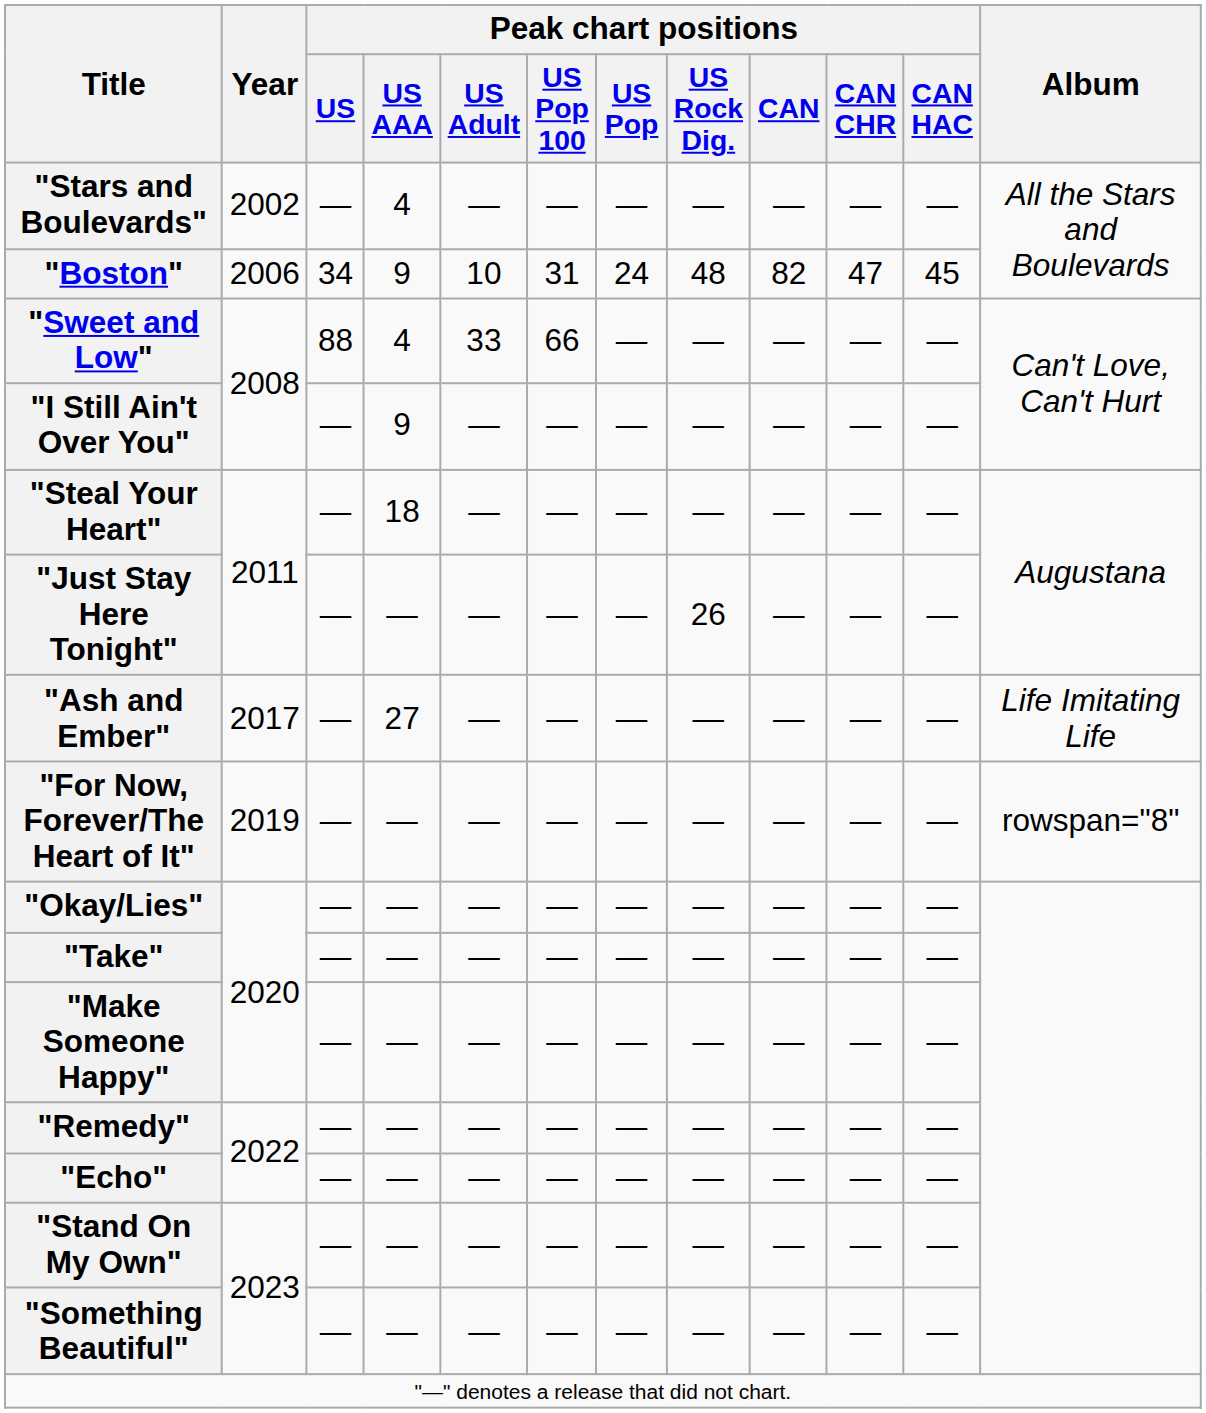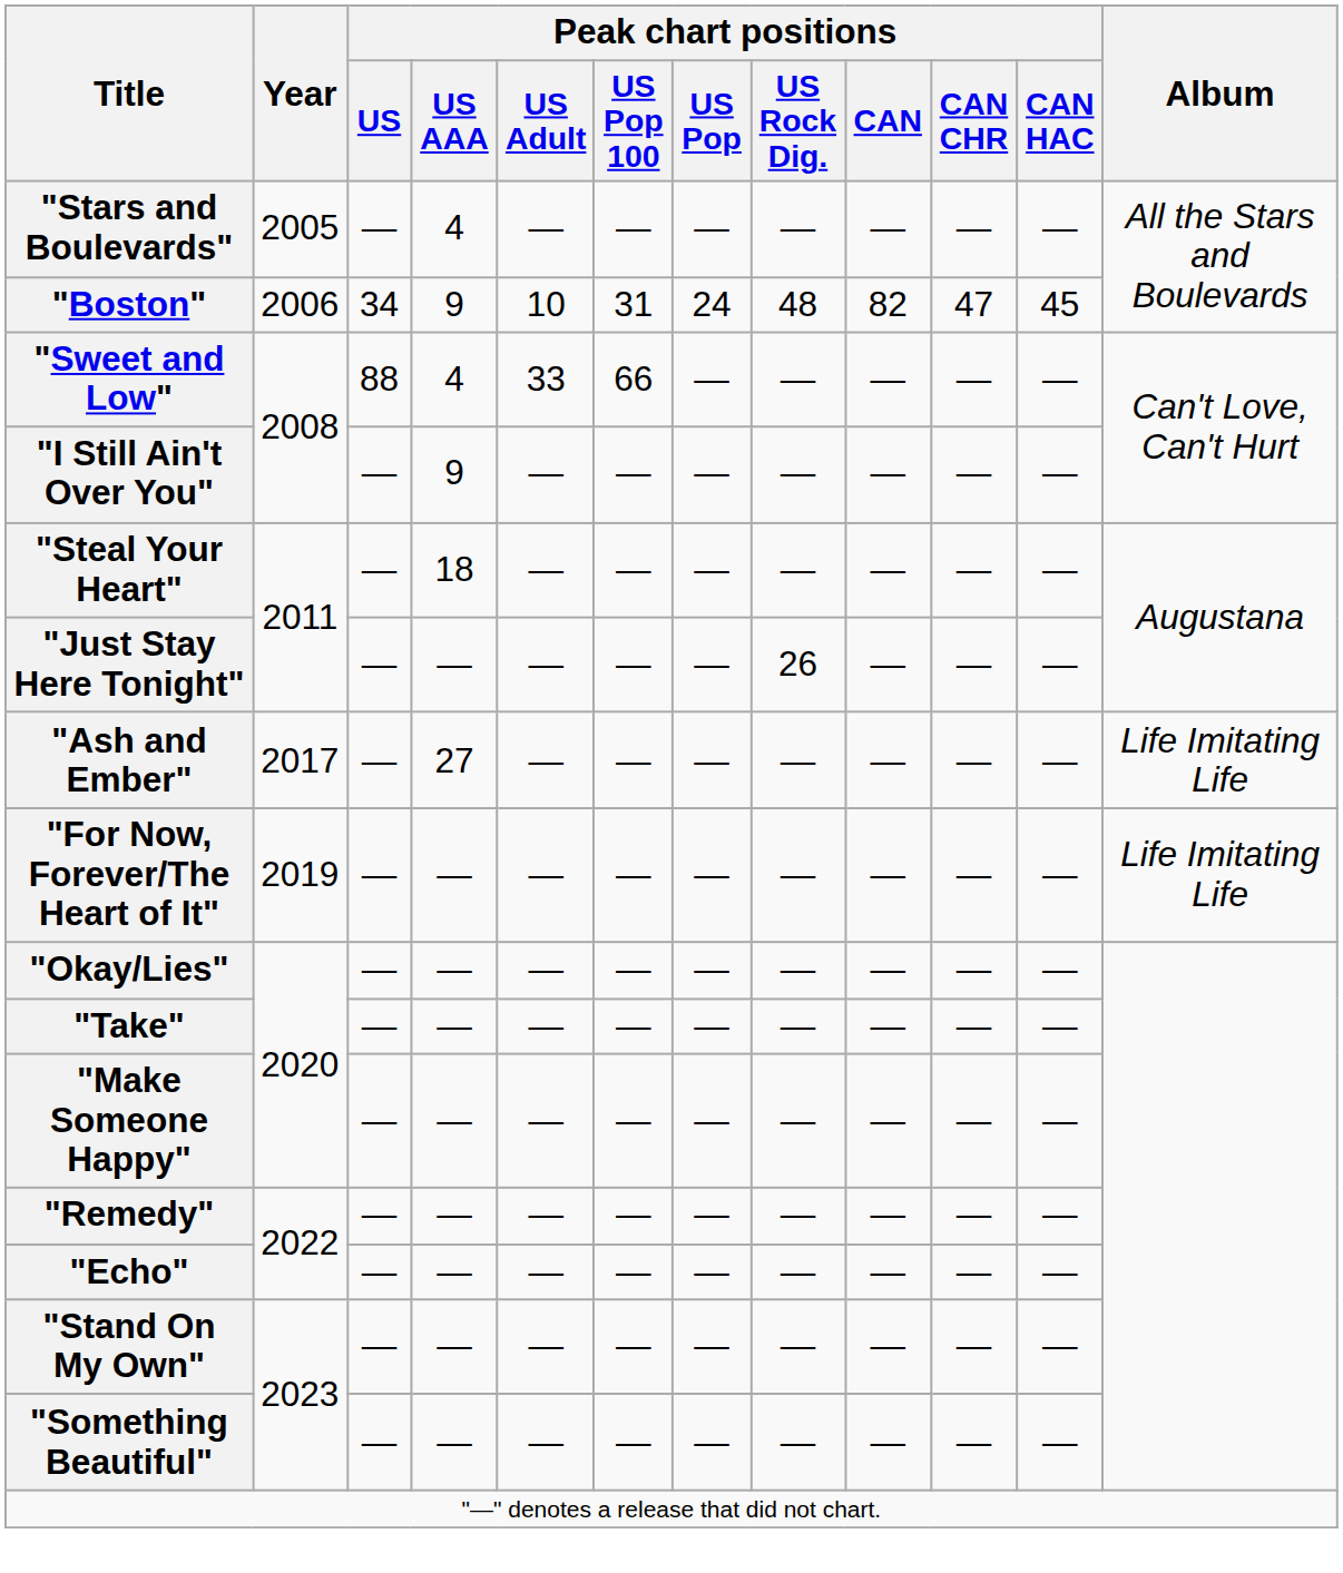 <table class="wikitable plainrowheaders" style="text-align:center;">
 <tr>
 <th scope="col" rowspan="2" style="width:12em;">Title</th>
 <th scope="col" rowspan="2" style="width:1em;">Year</th>
 <th scope="col" colspan="9">Peak chart positions</th>
 <th scope="col" rowspan="2" style="width:16em;">Album</th>
 </tr>
 <tr>
 <th style="width:3em;font-size:90%"><a href='#'>US</a><br></th>
 <th style="width:3em;font-size:90%"><a href='#'>US<br>AAA</a><br></th>
 <th style="width:3em;font-size:90%"><a href='#'>US<br>Adult</a><br></th>
 <th style="width:3em;font-size:90%"><a href='#'>US<br>Pop 100</a><br></th>
 <th style="width:3em;font-size:90%"><a href='#'>US<br>Pop</a><br></th>
 <th style="width:3em;font-size:90%"><a href='#'>US<br>Rock Dig.</a><br></th>
 <th style="width:3em;font-size:90%"><a href='#'>CAN</a><br></th>
 <th style="width:3em;font-size:90%"><a href='#'>CAN<br>CHR</a><br></th>
 <th style="width:3em;font-size:90%"><a href='#'>CAN<br>HAC</a><br></th>
 </tr>
 <tr>
 <th scope="row">"Stars and Boulevards"</th>
-<td>2002</td>
+<td>2005</td>
 <td>—</td>
 <td>4</td>
 <td>—</td>
 <td>—</td>
 <td>—</td>
 <td>—</td>
 <td>—</td>
 <td>—</td>
 <td>—</td>
 <td rowspan="2"><em>All the Stars and Boulevards</em></td>
 </tr>
 <tr>
 <th scope="row">"<a href='#'>Boston</a>"</th>
 <td>2006</td>
 <td>34</td>
 <td>9</td>
 <td>10</td>
 <td>31</td>
 <td>24</td>
 <td>48</td>
 <td>82</td>
 <td>47</td>
 <td>45</td>
 </tr>
 <tr>
 <th scope="row">"<a href='#'>Sweet and Low</a>"</th>
 <td rowspan="2">2008</td>
 <td>88</td>
 <td>4</td>
 <td>33</td>
 <td>66</td>
 <td>—</td>
 <td>—</td>
 <td>—</td>
 <td>—</td>
 <td>—</td>
 <td rowspan="2"><em>Can't Love, Can't Hurt</em></td>
 </tr>
 <tr>
 <th scope="row">"I Still Ain't Over You"</th>
 <td>—</td>
 <td>9</td>
 <td>—</td>
 <td>—</td>
 <td>—</td>
 <td>—</td>
 <td>—</td>
 <td>—</td>
 <td>—</td>
 </tr>
 <tr>
 <th scope="row">"Steal Your Heart"</th>
 <td rowspan="2">2011</td>
 <td>—</td>
 <td>18</td>
 <td>—</td>
 <td>—</td>
 <td>—</td>
 <td>—</td>
 <td>—</td>
 <td>—</td>
 <td>—</td>
 <td rowspan="2"><em>Augustana</em></td>
 </tr>
 <tr>
 <th scope="row">"Just Stay Here Tonight"</th>
 <td>—</td>
 <td>—</td>
 <td>—</td>
 <td>—</td>
 <td>—</td>
 <td>26</td>
 <td>—</td>
 <td>—</td>
 <td>—</td>
 </tr>
 <tr>
 <th scope="row">"Ash and Ember"</th>
 <td>2017</td>
 <td>—</td>
 <td>27</td>
 <td>—</td>
 <td>—</td>
 <td>—</td>
 <td>—</td>
 <td>—</td>
 <td>—</td>
 <td>—</td>
 <td><em>Life Imitating Life</em></td>
 </tr>
 <tr>
 <th scope="row">"For Now, Forever/The Heart of It"</th>
 <td>2019</td>
 <td>—</td>
 <td>—</td>
 <td>—</td>
 <td>—</td>
 <td>—</td>
 <td>—</td>
 <td>—</td>
 <td>—</td>
 <td>—</td>
-<td>rowspan="8" </td>
+<td><em>Life Imitating Life</em></td>
 </tr>
 <tr>
 <th scope="row">"Okay/Lies"</th>
 <td rowspan="3">2020</td>
 <td>—</td>
 <td>—</td>
 <td>—</td>
 <td>—</td>
 <td>—</td>
 <td>—</td>
 <td>—</td>
 <td>—</td>
 <td>—</td>
 </tr>
 <tr>
 <th scope="row">"Take"</th>
 <td>—</td>
 <td>—</td>
 <td>—</td>
 <td>—</td>
 <td>—</td>
 <td>—</td>
 <td>—</td>
 <td>—</td>
 <td>—</td>
 </tr>
 <tr>
 <th scope="row">"Make Someone Happy"</th>
 <td>—</td>
 <td>—</td>
 <td>—</td>
 <td>—</td>
 <td>—</td>
 <td>—</td>
 <td>—</td>
 <td>—</td>
 <td>—</td>
 </tr>
 <tr>
 <th scope="row">"Remedy"</th>
 <td rowspan="2">2022</td>
 <td>—</td>
 <td>—</td>
 <td>—</td>
 <td>—</td>
 <td>—</td>
 <td>—</td>
 <td>—</td>
 <td>—</td>
 <td>—</td>
 </tr>
 <tr>
 <th scope="row">"Echo"<br></th>
 <td>—</td>
 <td>—</td>
 <td>—</td>
 <td>—</td>
 <td>—</td>
 <td>—</td>
 <td>—</td>
 <td>—</td>
 <td>—</td>
 </tr>
 <tr>
 <th scope="row">"Stand On My Own"</th>
 <td rowspan="2">2023</td>
 <td>—</td>
 <td>—</td>
 <td>—</td>
 <td>—</td>
 <td>—</td>
 <td>—</td>
 <td>—</td>
 <td>—</td>
 <td>—</td>
 </tr>
 <tr>
 <th scope="row">"Something Beautiful"</th>
 <td>—</td>
 <td>—</td>
 <td>—</td>
 <td>—</td>
 <td>—</td>
 <td>—</td>
 <td>—</td>
 <td>—</td>
 <td>—</td>
 </tr>
 <tr>
 <td colspan="12" style="text-align:center; font-size:8pt;">"—" denotes a release that did not chart.</td>
 </tr>
 </table>
